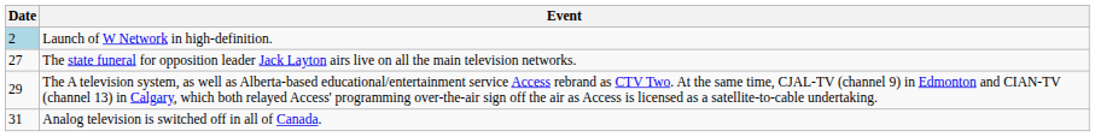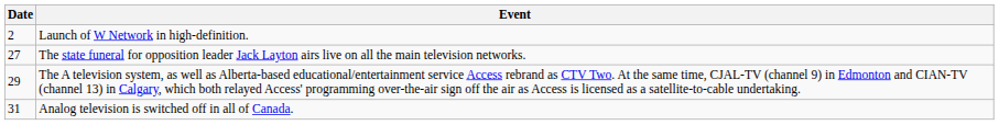 <table class="wikitable">
 <tr>
 <th>Date</th>
 <th>Event</th>
 </tr>
 <tr>
-<td style="background: lightblue;">2</td>
+<td>2</td>
 <td>Launch of <a href='#'>W Network</a> in high-definition.</td>
 </tr>
 <tr>
 <td>27</td>
 <td>The <a href='#'>state funeral</a> for opposition leader <a href='#'>Jack Layton</a> airs live on all the main television networks.</td>
 </tr>
 <tr>
 <td>29</td>
 <td>The A television system, as well as Alberta-based educational/entertainment service <a href='#'>Access</a> rebrand as <a href='#'>CTV Two</a>. At the same time, CJAL-TV (channel 9) in <a href='#'>Edmonton</a> and CIAN-TV (channel 13) in <a href='#'>Calgary</a>, which both relayed Access' programming over-the-air sign off the air as Access is licensed as a satellite-to-cable undertaking.</td>
 </tr>
 <tr>
 <td>31</td>
 <td>Analog television is switched off in all of <a href='#'>Canada</a>.</td>
 </tr>
 </table>
